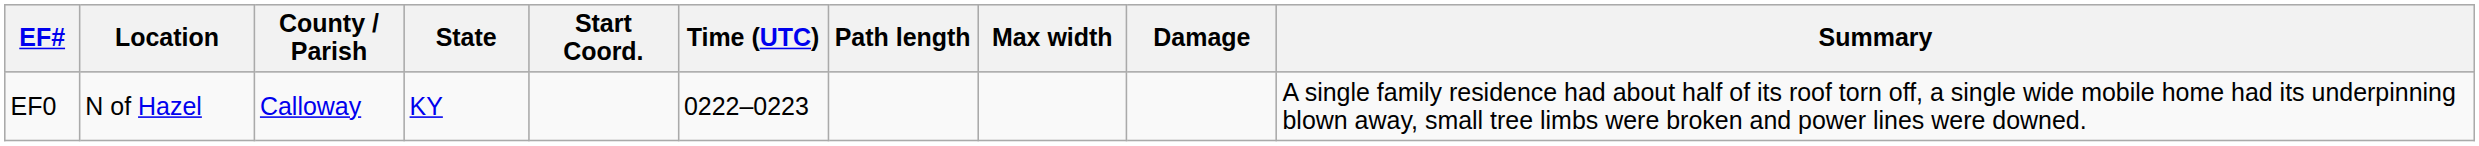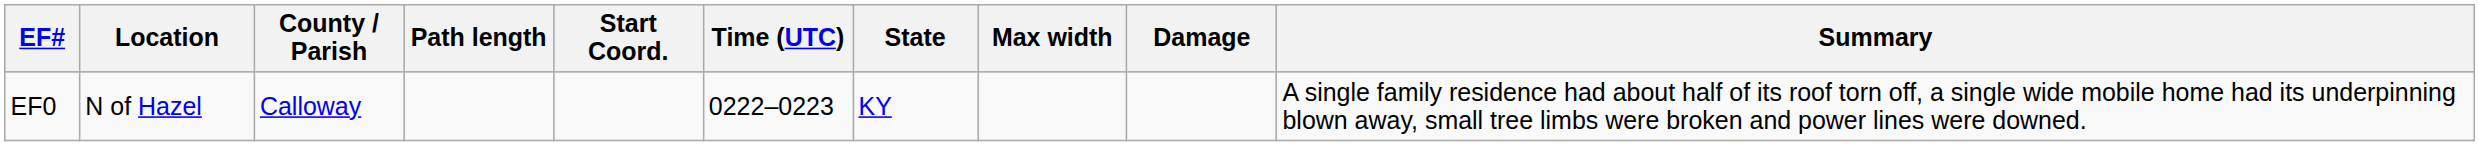 <table class="wikitable sortable" style="width:100%;">
 <tr>
 <th scope="col"  style="width:3%; text-align:center;"><a href='#'>EF#</a></th>
 <th scope="col"  style="width:7%; text-align:center;" class="unsortable">Location</th>
 <th scope="col"  style="width:6%; text-align:center;" class="unsortable">County / Parish</th>
-<th scope="col"  style="width:5%; text-align:center;">State</th>
+<th scope="col"  style="width:6%; text-align:center;">Path length</th>
 <th scope="col"  style="width:6%; text-align:center;">Start Coord.</th>
 <th scope="col"  style="width:6%; text-align:center;">Time (<a href='#'>UTC</a>)</th>
-<th scope="col"  style="width:6%; text-align:center;">Path length</th>
+<th scope="col"  style="width:5%; text-align:center;">State</th>
 <th scope="col"  style="width:6%; text-align:center;">Max width</th>
 <th scope="col"  style="width:6%; text-align:center;">Damage</th>
 <th scope="col" class="unsortable" style="width:48%; text-align:center;">Summary</th>
 </tr>
 <tr>
 <td>EF0</td>
 <td>N of <a href='#'>Hazel</a></td>
 <td><a href='#'>Calloway</a></td>
-<td><a href='#'>KY</a></td>
+<td></td>
 <td></td>
 <td>0222–0223</td>
-<td></td>
+<td><a href='#'>KY</a></td>
 <td></td>
 <td></td>
 <td>A single family residence had about half of its roof torn off, a single wide mobile home had its underpinning blown away, small tree limbs were broken and power lines were downed.</td>
 </tr>
 </table>
